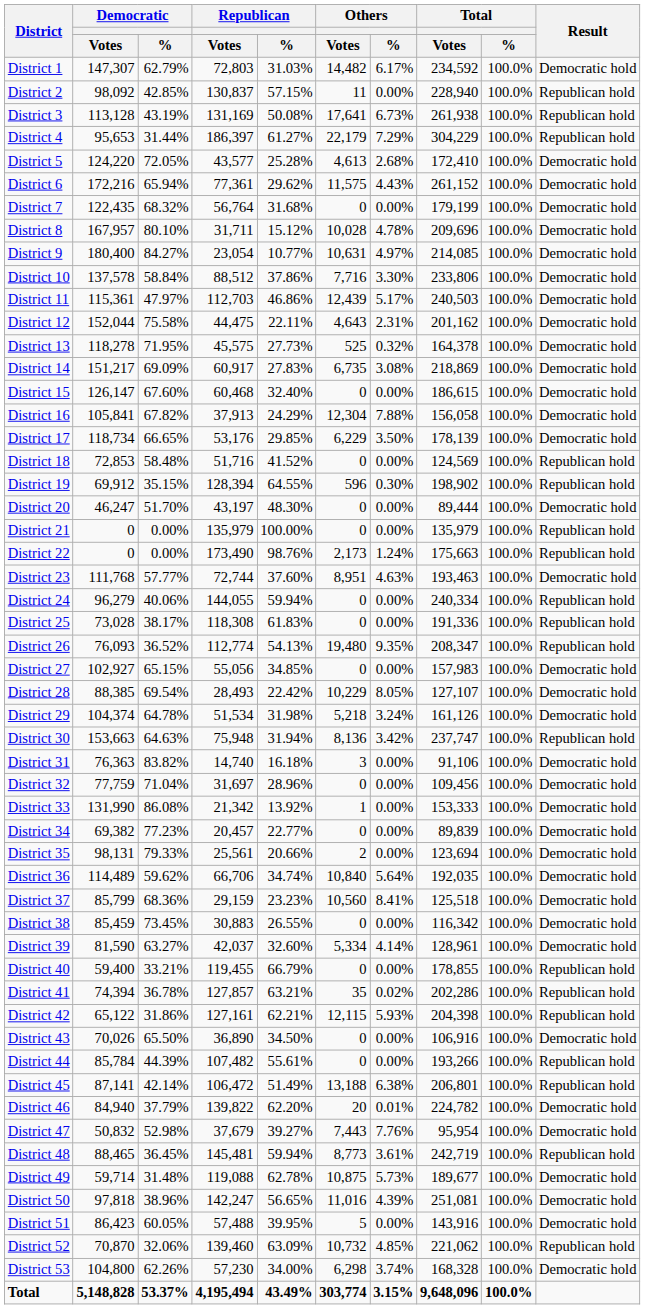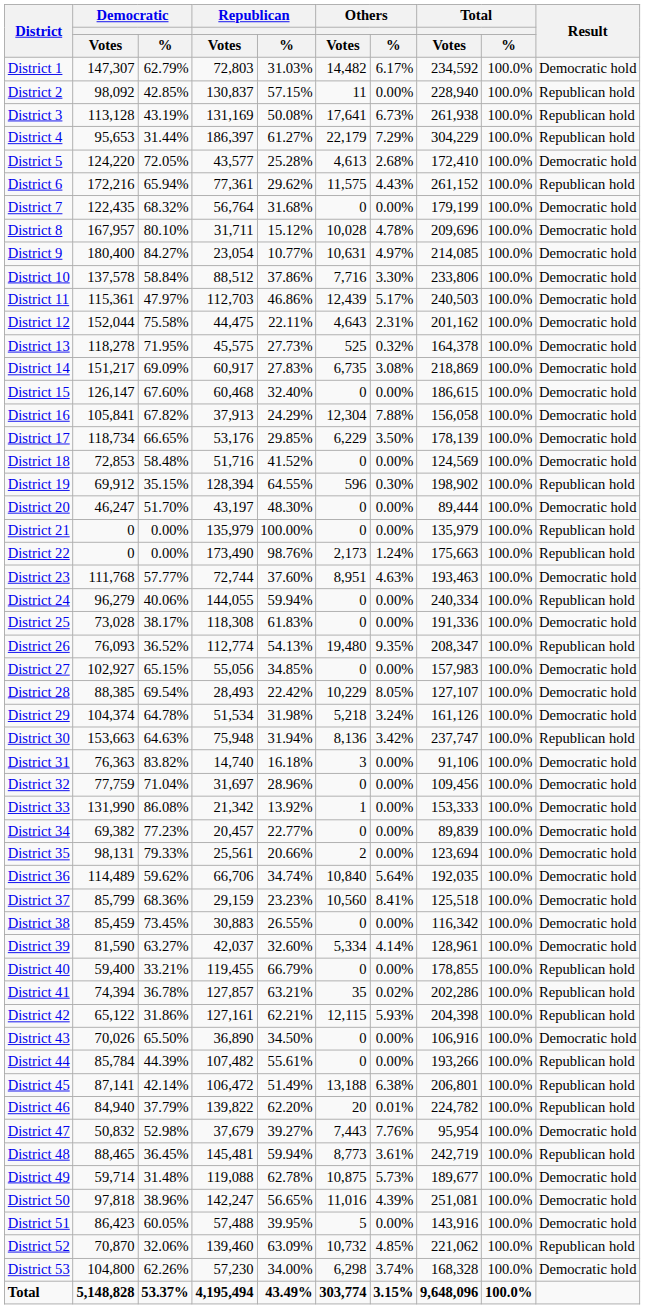 <table class="wikitable plainrowheaders sortable" style="font-size:100%; text-align:right;">
 <tr>
 <th scope=col rowspan=3><a href='#'>District</a></th>
 <th scope=col colspan=2><a href='#'>Democratic</a></th>
 <th scope=col colspan=2><a href='#'>Republican</a></th>
 <th scope=col colspan=2>Others</th>
 <th scope=col colspan=2>Total</th>
 <th scope=col rowspan=3>Result</th>
 </tr>
 <tr>
 <th scope=col colspan=2 style="background:"></th>
 <th scope=col colspan=2 style="background:"></th>
 <th ! scope=col colspan=2></th>
 <th scope=col colspan=2></th>
 </tr>
 <tr>
 <th scope=col data-sort-type="number">Votes</th>
 <th scope=col data-sort-type="number">%</th>
 <th scope=col data-sort-type="number">Votes</th>
 <th scope=col data-sort-type="number">%</th>
 <th scope=col data-sort-type="number">Votes</th>
 <th scope=col data-sort-type="number">%</th>
 <th scope=col data-sort-type="number">Votes</th>
 <th scope=col data-sort-type="number">%</th>
 </tr>
 <tr>
 <td align=left><a href='#'>District 1</a></td>
 <td>147,307</td>
 <td>62.79%</td>
 <td>72,803</td>
 <td>31.03%</td>
 <td>14,482</td>
 <td>6.17%</td>
 <td>234,592</td>
 <td>100.0%</td>
 <td align=left>Democratic hold</td>
 </tr>
 <tr>
 <td align=left><a href='#'>District 2</a></td>
 <td>98,092</td>
 <td>42.85%</td>
 <td>130,837</td>
 <td>57.15%</td>
 <td>11</td>
 <td>0.00%</td>
 <td>228,940</td>
 <td>100.0%</td>
 <td align=left>Republican hold</td>
 </tr>
 <tr>
 <td align=left><a href='#'>District 3</a></td>
 <td>113,128</td>
 <td>43.19%</td>
 <td>131,169</td>
 <td>50.08%</td>
 <td>17,641</td>
 <td>6.73%</td>
 <td>261,938</td>
 <td>100.0%</td>
 <td align=left>Republican hold</td>
 </tr>
 <tr>
 <td align=left><a href='#'>District 4</a></td>
 <td>95,653</td>
 <td>31.44%</td>
 <td>186,397</td>
 <td>61.27%</td>
 <td>22,179</td>
 <td>7.29%</td>
 <td>304,229</td>
 <td>100.0%</td>
 <td align=left>Republican hold</td>
 </tr>
 <tr>
 <td align=left><a href='#'>District 5</a></td>
 <td>124,220</td>
 <td>72.05%</td>
 <td>43,577</td>
 <td>25.28%</td>
 <td>4,613</td>
 <td>2.68%</td>
 <td>172,410</td>
 <td>100.0%</td>
 <td align=left>Democratic hold</td>
 </tr>
 <tr>
 <td align=left><a href='#'>District 6</a></td>
 <td>172,216</td>
 <td>65.94%</td>
 <td>77,361</td>
 <td>29.62%</td>
 <td>11,575</td>
 <td>4.43%</td>
 <td>261,152</td>
 <td>100.0%</td>
-<td align=left>Democratic hold</td>
+<td align=left>Republican hold</td>
 </tr>
 <tr>
 <td align=left><a href='#'>District 7</a></td>
 <td>122,435</td>
 <td>68.32%</td>
 <td>56,764</td>
 <td>31.68%</td>
 <td>0</td>
 <td>0.00%</td>
 <td>179,199</td>
 <td>100.0%</td>
 <td align=left>Democratic hold</td>
 </tr>
 <tr>
 <td align=left><a href='#'>District 8</a></td>
 <td>167,957</td>
 <td>80.10%</td>
 <td>31,711</td>
 <td>15.12%</td>
 <td>10,028</td>
 <td>4.78%</td>
 <td>209,696</td>
 <td>100.0%</td>
 <td align=left>Democratic hold</td>
 </tr>
 <tr>
 <td align=left><a href='#'>District 9</a></td>
 <td>180,400</td>
 <td>84.27%</td>
 <td>23,054</td>
 <td>10.77%</td>
 <td>10,631</td>
 <td>4.97%</td>
 <td>214,085</td>
 <td>100.0%</td>
 <td align=left>Democratic hold</td>
 </tr>
 <tr>
 <td align=left><a href='#'>District 10</a></td>
 <td>137,578</td>
 <td>58.84%</td>
 <td>88,512</td>
 <td>37.86%</td>
 <td>7,716</td>
 <td>3.30%</td>
 <td>233,806</td>
 <td>100.0%</td>
 <td align=left>Democratic hold</td>
 </tr>
 <tr>
 <td align=left><a href='#'>District 11</a></td>
 <td>115,361</td>
 <td>47.97%</td>
 <td>112,703</td>
 <td>46.86%</td>
 <td>12,439</td>
 <td>5.17%</td>
 <td>240,503</td>
 <td>100.0%</td>
 <td align=left>Democratic hold</td>
 </tr>
 <tr>
 <td align=left><a href='#'>District 12</a></td>
 <td>152,044</td>
 <td>75.58%</td>
 <td>44,475</td>
 <td>22.11%</td>
 <td>4,643</td>
 <td>2.31%</td>
 <td>201,162</td>
 <td>100.0%</td>
 <td align=left>Democratic hold</td>
 </tr>
 <tr>
 <td align=left><a href='#'>District 13</a></td>
 <td>118,278</td>
 <td>71.95%</td>
 <td>45,575</td>
 <td>27.73%</td>
 <td>525</td>
 <td>0.32%</td>
 <td>164,378</td>
 <td>100.0%</td>
 <td align=left>Democratic hold</td>
 </tr>
 <tr>
 <td align=left><a href='#'>District 14</a></td>
 <td>151,217</td>
 <td>69.09%</td>
 <td>60,917</td>
 <td>27.83%</td>
 <td>6,735</td>
 <td>3.08%</td>
 <td>218,869</td>
 <td>100.0%</td>
 <td align=left>Democratic hold</td>
 </tr>
 <tr>
 <td align=left><a href='#'>District 15</a></td>
 <td>126,147</td>
 <td>67.60%</td>
 <td>60,468</td>
 <td>32.40%</td>
 <td>0</td>
 <td>0.00%</td>
 <td>186,615</td>
 <td>100.0%</td>
 <td align=left>Democratic hold</td>
 </tr>
 <tr>
 <td align=left><a href='#'>District 16</a></td>
 <td>105,841</td>
 <td>67.82%</td>
 <td>37,913</td>
 <td>24.29%</td>
 <td>12,304</td>
 <td>7.88%</td>
 <td>156,058</td>
 <td>100.0%</td>
 <td align=left>Democratic hold</td>
 </tr>
 <tr>
 <td align=left><a href='#'>District 17</a></td>
 <td>118,734</td>
 <td>66.65%</td>
 <td>53,176</td>
 <td>29.85%</td>
 <td>6,229</td>
 <td>3.50%</td>
 <td>178,139</td>
 <td>100.0%</td>
 <td align=left>Democratic hold</td>
 </tr>
 <tr>
 <td align=left><a href='#'>District 18</a></td>
 <td>72,853</td>
 <td>58.48%</td>
 <td>51,716</td>
 <td>41.52%</td>
 <td>0</td>
 <td>0.00%</td>
 <td>124,569</td>
 <td>100.0%</td>
-<td align=left>Republican hold</td>
+<td align=left>Democratic hold</td>
 </tr>
 <tr>
 <td align=left><a href='#'>District 19</a></td>
 <td>69,912</td>
 <td>35.15%</td>
 <td>128,394</td>
 <td>64.55%</td>
 <td>596</td>
 <td>0.30%</td>
 <td>198,902</td>
 <td>100.0%</td>
 <td align=left>Republican hold</td>
 </tr>
 <tr>
 <td align=left><a href='#'>District 20</a></td>
 <td>46,247</td>
 <td>51.70%</td>
 <td>43,197</td>
 <td>48.30%</td>
 <td>0</td>
 <td>0.00%</td>
 <td>89,444</td>
 <td>100.0%</td>
 <td align=left>Democratic hold</td>
 </tr>
 <tr>
 <td align=left><a href='#'>District 21</a></td>
 <td>0</td>
 <td>0.00%</td>
 <td>135,979</td>
 <td>100.00%</td>
 <td>0</td>
 <td>0.00%</td>
 <td>135,979</td>
 <td>100.0%</td>
 <td align=left>Republican hold</td>
 </tr>
 <tr>
 <td align=left><a href='#'>District 22</a></td>
 <td>0</td>
 <td>0.00%</td>
 <td>173,490</td>
 <td>98.76%</td>
 <td>2,173</td>
 <td>1.24%</td>
 <td>175,663</td>
 <td>100.0%</td>
 <td align=left>Republican hold</td>
 </tr>
 <tr>
 <td align=left><a href='#'>District 23</a></td>
 <td>111,768</td>
 <td>57.77%</td>
 <td>72,744</td>
 <td>37.60%</td>
 <td>8,951</td>
 <td>4.63%</td>
 <td>193,463</td>
 <td>100.0%</td>
 <td align=left>Democratic hold</td>
 </tr>
 <tr>
 <td align=left><a href='#'>District 24</a></td>
 <td>96,279</td>
 <td>40.06%</td>
 <td>144,055</td>
 <td>59.94%</td>
 <td>0</td>
 <td>0.00%</td>
 <td>240,334</td>
 <td>100.0%</td>
 <td align=left>Republican hold</td>
 </tr>
 <tr>
 <td align=left><a href='#'>District 25</a></td>
 <td>73,028</td>
 <td>38.17%</td>
 <td>118,308</td>
 <td>61.83%</td>
 <td>0</td>
 <td>0.00%</td>
 <td>191,336</td>
 <td>100.0%</td>
-<td align=left>Republican hold</td>
+<td align=left>Democratic hold</td>
 </tr>
 <tr>
 <td align=left><a href='#'>District 26</a></td>
 <td>76,093</td>
 <td>36.52%</td>
 <td>112,774</td>
 <td>54.13%</td>
 <td>19,480</td>
 <td>9.35%</td>
 <td>208,347</td>
 <td>100.0%</td>
 <td align=left>Republican hold</td>
 </tr>
 <tr>
 <td align=left><a href='#'>District 27</a></td>
 <td>102,927</td>
 <td>65.15%</td>
 <td>55,056</td>
 <td>34.85%</td>
 <td>0</td>
 <td>0.00%</td>
 <td>157,983</td>
 <td>100.0%</td>
 <td align=left>Democratic hold</td>
 </tr>
 <tr>
 <td align=left><a href='#'>District 28</a></td>
 <td>88,385</td>
 <td>69.54%</td>
 <td>28,493</td>
 <td>22.42%</td>
 <td>10,229</td>
 <td>8.05%</td>
 <td>127,107</td>
 <td>100.0%</td>
 <td align=left>Democratic hold</td>
 </tr>
 <tr>
 <td align=left><a href='#'>District 29</a></td>
 <td>104,374</td>
 <td>64.78%</td>
 <td>51,534</td>
 <td>31.98%</td>
 <td>5,218</td>
 <td>3.24%</td>
 <td>161,126</td>
 <td>100.0%</td>
 <td align=left>Democratic hold</td>
 </tr>
 <tr>
 <td align=left><a href='#'>District 30</a></td>
 <td>153,663</td>
 <td>64.63%</td>
 <td>75,948</td>
 <td>31.94%</td>
 <td>8,136</td>
 <td>3.42%</td>
 <td>237,747</td>
 <td>100.0%</td>
 <td align=left>Republican hold</td>
 </tr>
 <tr>
 <td align=left><a href='#'>District 31</a></td>
 <td>76,363</td>
 <td>83.82%</td>
 <td>14,740</td>
 <td>16.18%</td>
 <td>3</td>
 <td>0.00%</td>
 <td>91,106</td>
 <td>100.0%</td>
 <td align=left>Democratic hold</td>
 </tr>
 <tr>
 <td align=left><a href='#'>District 32</a></td>
 <td>77,759</td>
 <td>71.04%</td>
 <td>31,697</td>
 <td>28.96%</td>
 <td>0</td>
 <td>0.00%</td>
 <td>109,456</td>
 <td>100.0%</td>
 <td align=left>Democratic hold</td>
 </tr>
 <tr>
 <td align=left><a href='#'>District 33</a></td>
 <td>131,990</td>
 <td>86.08%</td>
 <td>21,342</td>
 <td>13.92%</td>
 <td>1</td>
 <td>0.00%</td>
 <td>153,333</td>
 <td>100.0%</td>
 <td align=left>Democratic hold</td>
 </tr>
 <tr>
 <td align=left><a href='#'>District 34</a></td>
 <td>69,382</td>
 <td>77.23%</td>
 <td>20,457</td>
 <td>22.77%</td>
 <td>0</td>
 <td>0.00%</td>
 <td>89,839</td>
 <td>100.0%</td>
 <td align=left>Democratic hold</td>
 </tr>
 <tr>
 <td align=left><a href='#'>District 35</a></td>
 <td>98,131</td>
 <td>79.33%</td>
 <td>25,561</td>
 <td>20.66%</td>
 <td>2</td>
 <td>0.00%</td>
 <td>123,694</td>
 <td>100.0%</td>
 <td align=left>Democratic hold</td>
 </tr>
 <tr>
 <td align=left><a href='#'>District 36</a></td>
 <td>114,489</td>
 <td>59.62%</td>
 <td>66,706</td>
 <td>34.74%</td>
 <td>10,840</td>
 <td>5.64%</td>
 <td>192,035</td>
 <td>100.0%</td>
 <td align=left>Democratic hold</td>
 </tr>
 <tr>
 <td align=left><a href='#'>District 37</a></td>
 <td>85,799</td>
 <td>68.36%</td>
 <td>29,159</td>
 <td>23.23%</td>
 <td>10,560</td>
 <td>8.41%</td>
 <td>125,518</td>
 <td>100.0%</td>
 <td align=left>Democratic hold</td>
 </tr>
 <tr>
 <td align=left><a href='#'>District 38</a></td>
 <td>85,459</td>
 <td>73.45%</td>
 <td>30,883</td>
 <td>26.55%</td>
 <td>0</td>
 <td>0.00%</td>
 <td>116,342</td>
 <td>100.0%</td>
 <td align=left>Democratic hold</td>
 </tr>
 <tr>
 <td align=left><a href='#'>District 39</a></td>
 <td>81,590</td>
 <td>63.27%</td>
 <td>42,037</td>
 <td>32.60%</td>
 <td>5,334</td>
 <td>4.14%</td>
 <td>128,961</td>
 <td>100.0%</td>
 <td align=left>Democratic hold</td>
 </tr>
 <tr>
 <td align=left><a href='#'>District 40</a></td>
 <td>59,400</td>
 <td>33.21%</td>
 <td>119,455</td>
 <td>66.79%</td>
 <td>0</td>
 <td>0.00%</td>
 <td>178,855</td>
 <td>100.0%</td>
 <td align=left>Republican hold</td>
 </tr>
 <tr>
 <td align=left><a href='#'>District 41</a></td>
 <td>74,394</td>
 <td>36.78%</td>
 <td>127,857</td>
 <td>63.21%</td>
 <td>35</td>
 <td>0.02%</td>
 <td>202,286</td>
 <td>100.0%</td>
 <td align=left>Republican hold</td>
 </tr>
 <tr>
 <td align=left><a href='#'>District 42</a></td>
 <td>65,122</td>
 <td>31.86%</td>
 <td>127,161</td>
 <td>62.21%</td>
 <td>12,115</td>
 <td>5.93%</td>
 <td>204,398</td>
 <td>100.0%</td>
 <td align=left>Republican hold</td>
 </tr>
 <tr>
 <td align=left><a href='#'>District 43</a></td>
 <td>70,026</td>
 <td>65.50%</td>
 <td>36,890</td>
 <td>34.50%</td>
 <td>0</td>
 <td>0.00%</td>
 <td>106,916</td>
 <td>100.0%</td>
 <td align=left>Democratic hold</td>
 </tr>
 <tr>
 <td align=left><a href='#'>District 44</a></td>
 <td>85,784</td>
 <td>44.39%</td>
 <td>107,482</td>
 <td>55.61%</td>
 <td>0</td>
 <td>0.00%</td>
 <td>193,266</td>
 <td>100.0%</td>
 <td align=left>Republican hold</td>
 </tr>
 <tr>
 <td align=left><a href='#'>District 45</a></td>
 <td>87,141</td>
 <td>42.14%</td>
 <td>106,472</td>
 <td>51.49%</td>
 <td>13,188</td>
 <td>6.38%</td>
 <td>206,801</td>
 <td>100.0%</td>
 <td align=left>Republican hold</td>
 </tr>
 <tr>
 <td align=left><a href='#'>District 46</a></td>
 <td>84,940</td>
 <td>37.79%</td>
 <td>139,822</td>
 <td>62.20%</td>
 <td>20</td>
 <td>0.01%</td>
 <td>224,782</td>
 <td>100.0%</td>
-<td align=left>Democratic hold</td>
+<td align=left>Republican hold</td>
 </tr>
 <tr>
 <td align=left><a href='#'>District 47</a></td>
 <td>50,832</td>
 <td>52.98%</td>
 <td>37,679</td>
 <td>39.27%</td>
 <td>7,443</td>
 <td>7.76%</td>
 <td>95,954</td>
 <td>100.0%</td>
 <td align=left>Democratic hold</td>
 </tr>
 <tr>
 <td align=left><a href='#'>District 48</a></td>
 <td>88,465</td>
 <td>36.45%</td>
 <td>145,481</td>
 <td>59.94%</td>
 <td>8,773</td>
 <td>3.61%</td>
 <td>242,719</td>
 <td>100.0%</td>
 <td align=left>Republican hold</td>
 </tr>
 <tr>
 <td align=left><a href='#'>District 49</a></td>
 <td>59,714</td>
 <td>31.48%</td>
 <td>119,088</td>
 <td>62.78%</td>
 <td>10,875</td>
 <td>5.73%</td>
 <td>189,677</td>
 <td>100.0%</td>
 <td align=left>Democratic hold</td>
 </tr>
 <tr>
 <td align=left><a href='#'>District 50</a></td>
 <td>97,818</td>
 <td>38.96%</td>
 <td>142,247</td>
 <td>56.65%</td>
 <td>11,016</td>
 <td>4.39%</td>
 <td>251,081</td>
 <td>100.0%</td>
 <td align=left>Democratic hold</td>
 </tr>
 <tr>
 <td align=left><a href='#'>District 51</a></td>
 <td>86,423</td>
 <td>60.05%</td>
 <td>57,488</td>
 <td>39.95%</td>
 <td>5</td>
 <td>0.00%</td>
 <td>143,916</td>
 <td>100.0%</td>
 <td align=left>Democratic hold</td>
 </tr>
 <tr>
 <td align=left><a href='#'>District 52</a></td>
 <td>70,870</td>
 <td>32.06%</td>
 <td>139,460</td>
 <td>63.09%</td>
 <td>10,732</td>
 <td>4.85%</td>
 <td>221,062</td>
 <td>100.0%</td>
 <td align=left>Republican hold</td>
 </tr>
 <tr>
 <td align=left><a href='#'>District 53</a></td>
 <td>104,800</td>
 <td>62.26%</td>
 <td>57,230</td>
 <td>34.00%</td>
 <td>6,298</td>
 <td>3.74%</td>
 <td>168,328</td>
 <td>100.0%</td>
 <td align=left>Democratic hold</td>
 </tr>
 <tr class="sortbottom" style="font-weight:bold">
 <td align=left>Total</td>
 <td>5,148,828</td>
 <td>53.37%</td>
 <td>4,195,494</td>
 <td>43.49%</td>
 <td>303,774</td>
 <td>3.15%</td>
 <td>9,648,096</td>
 <td>100.0%</td>
 <td></td>
 </tr>
 </table>
